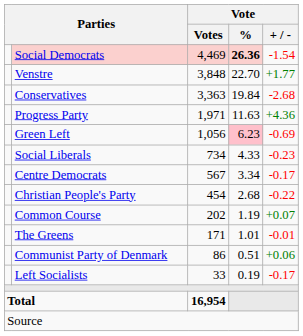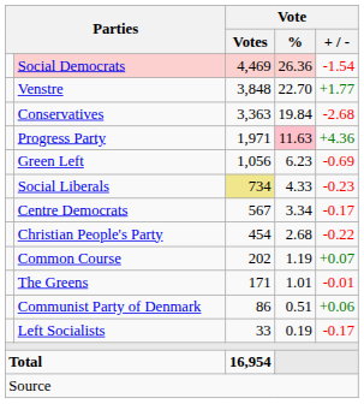 <table class="wikitable" style="text-align:right;">
 <tr>
 <th style="text-align:centre;" rowspan="2" colspan="2" width="225">Parties</th>
 <th colspan="3">Vote</th>
 </tr>
 <tr>
 <th width="15">Votes</th>
 <th width="15">%</th>
 <th width="15">+ / -</th>
 </tr>
 <tr>
 <td width="2" style="color:inherit;background:"></td>
 <td bgcolor=#fbd0ce  align="left"><a href='#'>Social Democrats</a></td>
 <td bgcolor=#fbd0ce>4,469</td>
-<td bgcolor=#fbd0ce><strong>26.36</strong></td>
+<td bgcolor=#fbd0ce>26.36</td>
 <td style=color:red;>-1.54</td>
 </tr>
 <tr>
 <td width="2" style="color:inherit;background:"></td>
 <td align="left"><a href='#'>Venstre</a></td>
 <td>3,848</td>
 <td>22.70</td>
 <td style=color:green;>+1.77</td>
 </tr>
 <tr>
 <td width="2" style="color:inherit;background:"></td>
 <td align="left"><a href='#'>Conservatives</a></td>
 <td>3,363</td>
 <td>19.84</td>
 <td style=color:red;>-2.68</td>
 </tr>
 <tr>
 <td width="2" style="color:inherit;background:"></td>
 <td align="left"><a href='#'>Progress Party</a></td>
 <td>1,971</td>
-<td>11.63</td>
+<td style="background: pink;">11.63</td>
 <td style=color:green;>+4.36</td>
 </tr>
 <tr>
 <td width="2" style="color:inherit;background:"></td>
 <td align="left"><a href='#'>Green Left</a></td>
 <td>1,056</td>
-<td style="background: pink;">6.23</td>
+<td>6.23</td>
 <td style=color:red;>-0.69</td>
 </tr>
 <tr>
 <td width="2" style="color:inherit;background:"></td>
 <td align="left"><a href='#'>Social Liberals</a></td>
-<td>734</td>
+<td style="background: khaki;">734</td>
 <td>4.33</td>
 <td style=color:red;>-0.23</td>
 </tr>
 <tr>
 <td width="2" style="color:inherit;background:"></td>
 <td align="left"><a href='#'>Centre Democrats</a></td>
 <td>567</td>
 <td>3.34</td>
 <td style=color:red;>-0.17</td>
 </tr>
 <tr>
 <td width="2" style="color:inherit;background:"></td>
 <td align="left"><a href='#'>Christian People's Party</a></td>
 <td>454</td>
 <td>2.68</td>
 <td style=color:red;>-0.22</td>
 </tr>
 <tr>
 <td width="2" style="color:inherit;background:"></td>
 <td align="left"><a href='#'>Common Course</a></td>
 <td>202</td>
 <td>1.19</td>
 <td style=color:green;>+0.07</td>
 </tr>
 <tr>
 <td width="2" style="color:inherit;background:"></td>
 <td align="left"><a href='#'>The Greens</a></td>
 <td>171</td>
 <td>1.01</td>
 <td style=color:red;>-0.01</td>
 </tr>
 <tr>
 <td width="2" style="color:inherit;background:"></td>
 <td align="left"><a href='#'>Communist Party of Denmark</a></td>
 <td>86</td>
 <td>0.51</td>
 <td style=color:green;>+0.06</td>
 </tr>
 <tr>
 <td width="2" style="color:inherit;background:"></td>
 <td align="left"><a href='#'>Left Socialists</a></td>
 <td>33</td>
 <td>0.19</td>
 <td style=color:red;>-0.17</td>
 </tr>
 <tr>
 <td colspan="7" bgcolor="#E9E9E9"></td>
 </tr>
 <tr>
 <td align="left" colspan="2"><strong>Total</strong></td>
 <td><strong>16,954</strong></td>
 <td bgcolor="#E9E9E9" colspan="2"></td>
 </tr>
 <tr>
 <td align="left" colspan="6">Source</td>
 </tr>
 </table>
